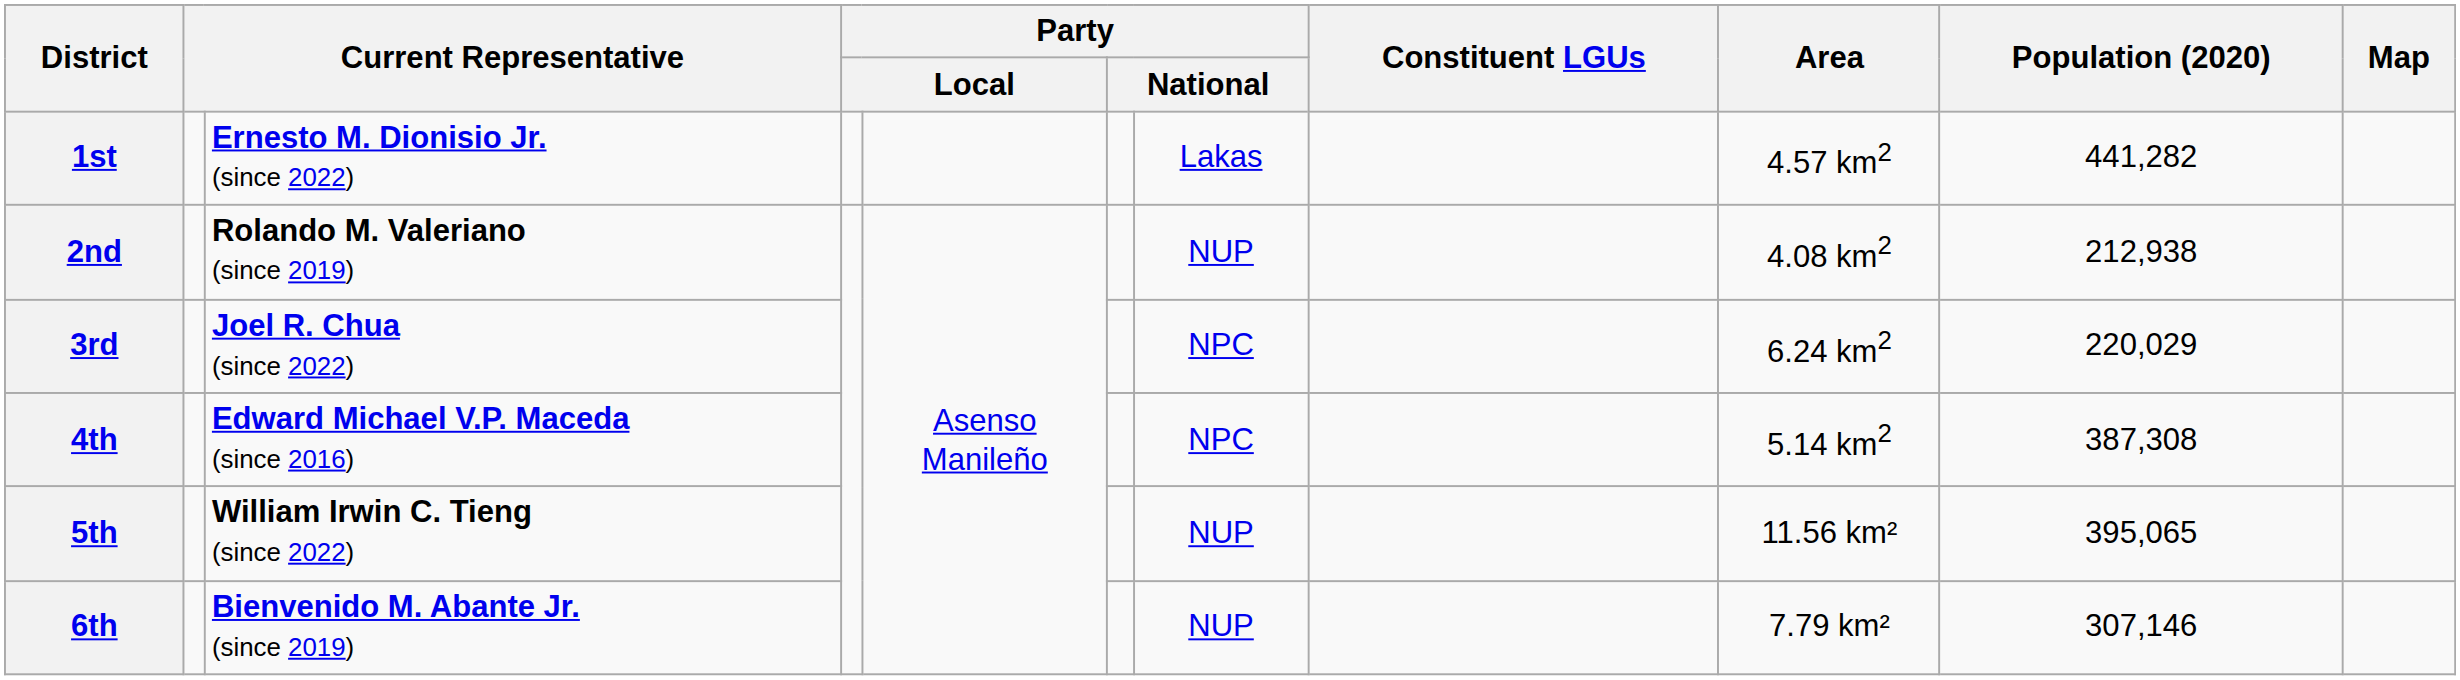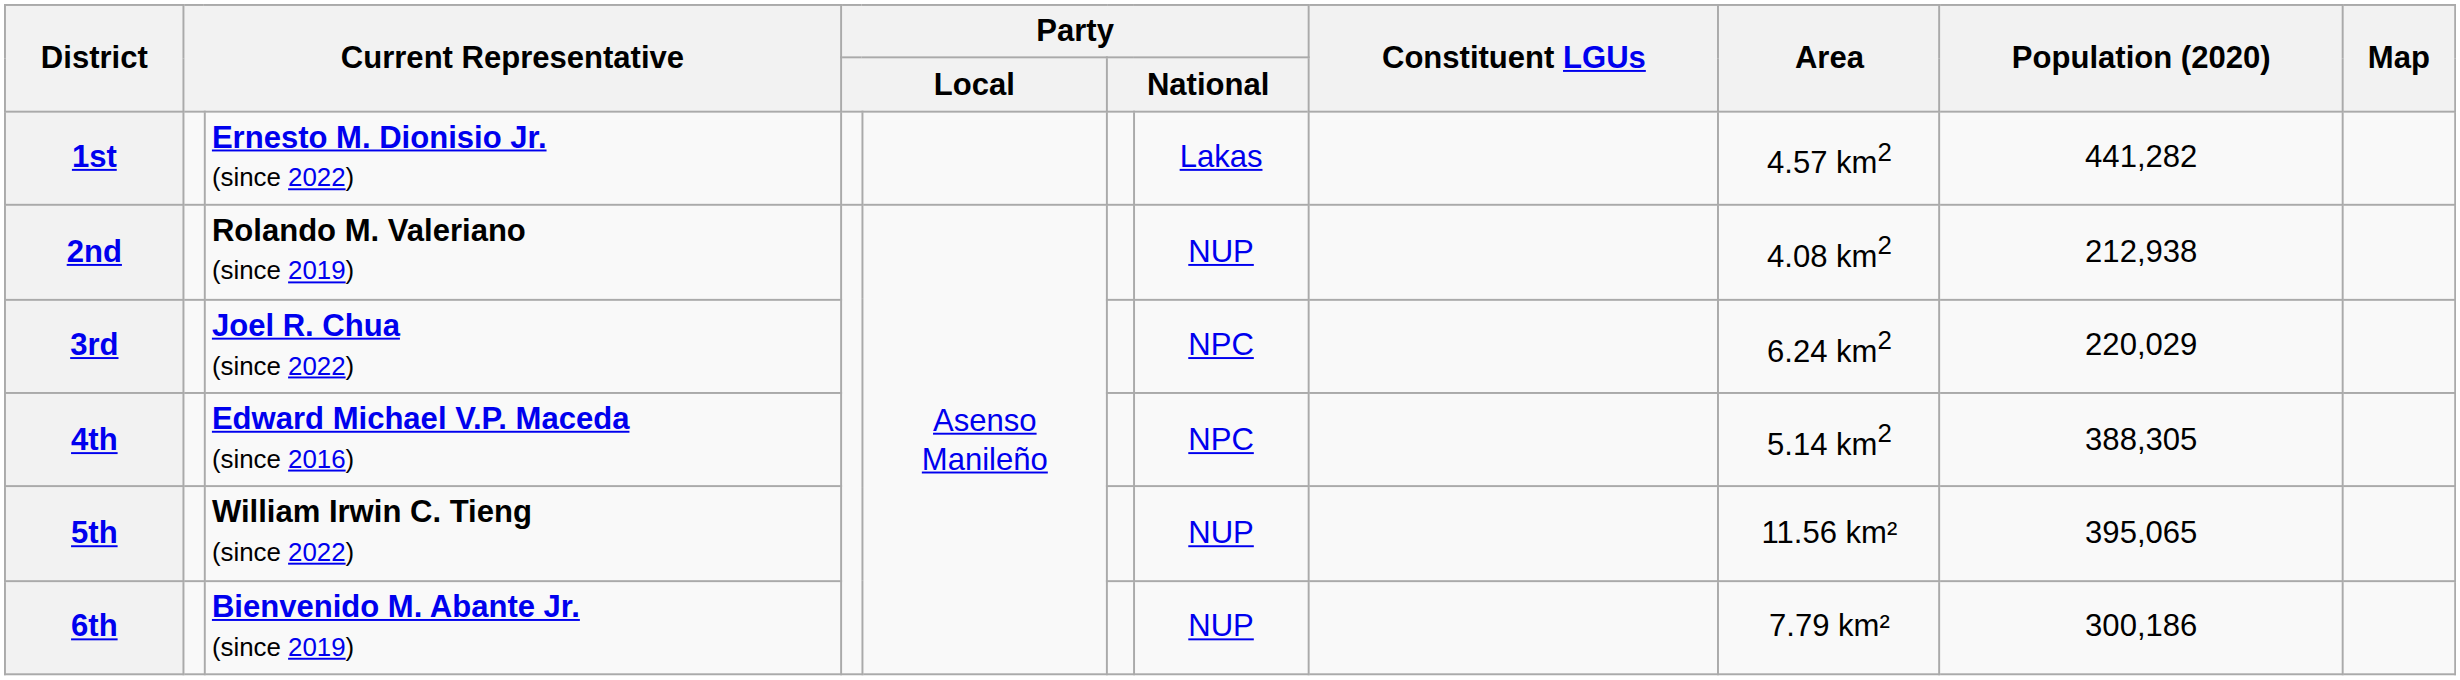 <table class="wikitable sortable" style="margin: 1em auto; font-size:100%; line-height:20px; text-align:center">
 <tr>
 <th rowspan="2">District</th>
 <th colspan="2" rowspan="2">Current Representative</th>
 <th colspan="4">Party</th>
 <th rowspan="2">Constituent <a href='#'>LGUs</a></th>
 <th rowspan="2">Area</th>
 <th rowspan="2">Population (2020)</th>
 <th rowspan="2">Map</th>
 </tr>
 <tr>
 <th colspan="2">Local</th>
 <th colspan="2">National</th>
 </tr>
 <tr>
 <th><a href='#'>1st</a></th>
 <td></td>
 <td style="text-align:left;"><strong><a href='#'>Ernesto M. Dionisio Jr.</a></strong><br><small>(since <a href='#'>2022</a>)</small></td>
 <td rowspan="1" style="background:"></td>
 <td rowspan="1" width="10%"></td>
 <td style="background:"></td>
 <td><a href='#'>Lakas</a></td>
 <td></td>
 <td>4.57 km<sup>2</sup></td>
 <td>441,282</td>
 <td></td>
 </tr>
 <tr>
 <th><a href='#'>2nd</a></th>
 <td></td>
 <td style="text-align:left;"><strong>Rolando M. Valeriano</strong><br><small>(since <a href='#'>2019</a>)</small></td>
 <td rowspan="5" style="background:"></td>
 <td rowspan="5" width="10%"><a href='#'>Asenso Manileño</a></td>
 <td style="background:"></td>
 <td><a href='#'>NUP</a></td>
 <td></td>
 <td>4.08 km<sup>2</sup></td>
 <td>212,938</td>
 <td></td>
 </tr>
 <tr>
 <th><a href='#'>3rd</a></th>
 <td></td>
 <td style="text-align:left;"><strong><a href='#'>Joel R. Chua</a></strong><br><small>(since <a href='#'>2022</a>)</small></td>
 <td style="background:"></td>
 <td><a href='#'>NPC</a></td>
 <td></td>
 <td>6.24 km<sup>2</sup></td>
 <td>220,029</td>
 <td></td>
 </tr>
 <tr>
 <th><a href='#'>4th</a></th>
 <td></td>
 <td style="text-align:left;"><strong><a href='#'>Edward Michael V.P. Maceda</a></strong><br><small>(since <a href='#'>2016</a>)</small></td>
 <td style="background:"></td>
 <td><a href='#'>NPC</a></td>
 <td></td>
 <td>5.14 km<sup>2</sup></td>
-<td>387,308</td>
+<td>388,305</td>
 <td></td>
 </tr>
 <tr>
 <th><a href='#'>5th</a></th>
 <td></td>
 <td style="text-align:left;"><strong>William Irwin C. Tieng</strong><br><small>(since <a href='#'>2022</a>)</small></td>
 <td style="background:"></td>
 <td><a href='#'>NUP</a></td>
 <td></td>
 <td>11.56 km²</td>
 <td>395,065</td>
 <td></td>
 </tr>
 <tr>
 <th><a href='#'>6th</a></th>
 <td></td>
 <td style="text-align:left;"><strong><a href='#'>Bienvenido M. Abante Jr.</a></strong><br><small>(since <a href='#'>2019</a>)</small></td>
 <td style="background:"></td>
 <td><a href='#'>NUP</a></td>
 <td></td>
 <td>7.79 km²</td>
-<td>307,146</td>
+<td>300,186</td>
 <td></td>
 </tr>
 </table>
